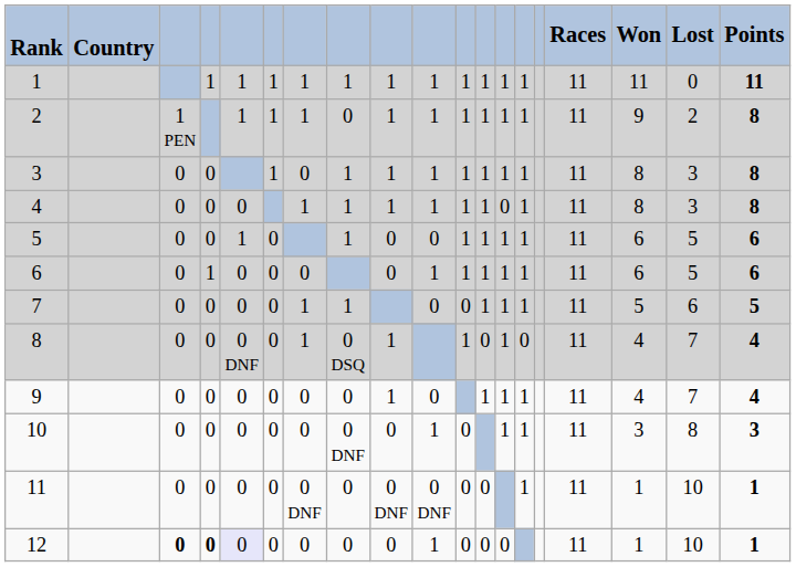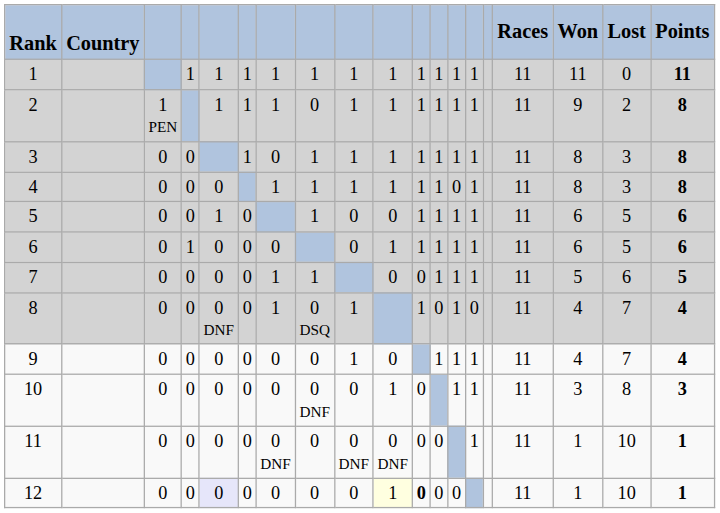 <table class="wikitable font-size:90%">
 <tr bgcolor="LightSteelBlue" align="center">
 <td> <br> <strong>Rank</strong></td>
 <td> <br><strong>Country</strong></td>
 <td></td>
 <td></td>
 <td></td>
 <td></td>
 <td></td>
 <td></td>
 <td></td>
 <td></td>
 <td></td>
 <td></td>
 <td></td>
 <td></td>
 <td></td>
 <td><strong>Races</strong></td>
 <td><strong>Won</strong></td>
 <td><strong>Lost</strong></td>
 <td><strong>Points</strong></td>
 </tr>
 <tr style="vertical-align:top; font-size:90%" bgcolor="LightGray" align="center">
 <td>1</td>
 <td></td>
 <td bgcolor=LightSteelBlue></td>
 <td>1</td>
 <td>1</td>
 <td>1</td>
 <td>1</td>
 <td>1</td>
 <td>1</td>
 <td>1</td>
 <td>1</td>
 <td>1</td>
 <td>1</td>
 <td>1</td>
 <td></td>
 <td>11</td>
 <td>11</td>
 <td>0</td>
 <td><strong>11</strong></td>
 </tr>
 <tr style="vertical-align:top; font-size:90%" bgcolor="LightGray" align="center">
 <td>2</td>
 <td align=center></td>
 <td>1<br><small>PEN</small></td>
 <td bgcolor=LightSteelBlue></td>
 <td>1</td>
 <td>1</td>
 <td>1</td>
 <td>0</td>
 <td>1</td>
 <td>1</td>
 <td>1</td>
 <td>1</td>
 <td>1</td>
 <td>1</td>
 <td></td>
 <td>11</td>
 <td>9</td>
 <td>2</td>
 <td><strong>8</strong></td>
 </tr>
 <tr style="vertical-align:top; font-size:90%" bgcolor="LightGray" align="center">
 <td>3</td>
 <td align=center></td>
 <td>0</td>
 <td>0</td>
 <td bgcolor=LightSteelBlue></td>
 <td>1</td>
 <td>0</td>
 <td>1</td>
 <td>1</td>
 <td>1</td>
 <td>1</td>
 <td>1</td>
 <td>1</td>
 <td>1</td>
 <td></td>
 <td>11</td>
 <td>8</td>
 <td>3</td>
 <td><strong>8</strong></td>
 </tr>
 <tr style="vertical-align:top; font-size:90%" bgcolor="LightGray" align="center">
 <td>4</td>
 <td align=center></td>
 <td>0</td>
 <td>0</td>
 <td>0</td>
 <td bgcolor=LightSteelBlue></td>
 <td>1</td>
 <td>1</td>
 <td>1</td>
 <td>1</td>
 <td>1</td>
 <td>1</td>
 <td>0</td>
 <td>1</td>
 <td></td>
 <td>11</td>
 <td>8</td>
 <td>3</td>
 <td><strong>8</strong></td>
 </tr>
 <tr style="vertical-align:top; font-size:90%" bgcolor="LightGray" align="center">
 <td>5</td>
 <td align=center></td>
 <td>0</td>
 <td>0</td>
 <td>1</td>
 <td>0</td>
 <td bgcolor=LightSteelBlue></td>
 <td>1</td>
 <td>0</td>
 <td>0</td>
 <td>1</td>
 <td>1</td>
 <td>1</td>
 <td>1</td>
 <td></td>
 <td>11</td>
 <td>6</td>
 <td>5</td>
 <td><strong>6</strong></td>
 </tr>
 <tr style="vertical-align:top; font-size:90%" bgcolor="LightGray" align="center">
 <td>6</td>
 <td align=center></td>
 <td>0</td>
 <td>1</td>
 <td>0</td>
 <td>0</td>
 <td>0</td>
 <td bgcolor=LightSteelBlue></td>
 <td>0</td>
 <td>1</td>
 <td>1</td>
 <td>1</td>
 <td>1</td>
 <td>1</td>
 <td></td>
 <td>11</td>
 <td>6</td>
 <td>5</td>
 <td><strong>6</strong></td>
 </tr>
 <tr style="vertical-align:top; font-size:90%" bgcolor="LightGray" align="center">
 <td>7</td>
 <td align=center></td>
 <td>0</td>
 <td>0</td>
 <td>0</td>
 <td>0</td>
 <td>1</td>
 <td>1</td>
 <td bgcolor=LightSteelBlue></td>
 <td>0</td>
 <td>0</td>
 <td>1</td>
 <td>1</td>
 <td>1</td>
 <td></td>
 <td>11</td>
 <td>5</td>
 <td>6</td>
 <td><strong>5</strong></td>
 </tr>
 <tr style="vertical-align:top; font-size:90%" bgcolor="LightGray" align="center">
 <td>8</td>
 <td align=center></td>
 <td>0</td>
 <td>0</td>
 <td>0<br><small>DNF</small></td>
 <td>0</td>
 <td>1</td>
 <td>0<br><small>DSQ</small></td>
 <td>1</td>
 <td bgcolor=LightSteelBlue></td>
 <td>1</td>
 <td>0</td>
 <td>1</td>
 <td>0</td>
 <td></td>
 <td>11</td>
 <td>4</td>
 <td>7</td>
 <td><strong>4</strong></td>
 </tr>
 <tr style="vertical-align:top; font-size:90%" align="center">
 <td>9</td>
 <td align=center></td>
 <td>0</td>
 <td>0</td>
 <td>0</td>
 <td>0</td>
 <td>0</td>
 <td>0</td>
 <td>1</td>
 <td>0</td>
 <td bgcolor=LightSteelBlue></td>
 <td>1</td>
 <td>1</td>
 <td>1</td>
 <td></td>
 <td>11</td>
 <td>4</td>
 <td>7</td>
 <td><strong>4</strong></td>
 </tr>
 <tr style="vertical-align:top; font-size:90%" align="center">
 <td>10</td>
 <td align=center></td>
 <td>0</td>
 <td>0</td>
 <td>0</td>
 <td>0</td>
 <td>0</td>
 <td>0<br><small>DNF</small></td>
 <td>0</td>
 <td>1</td>
 <td>0</td>
 <td bgcolor=LightSteelBlue></td>
 <td>1</td>
 <td>1</td>
 <td></td>
 <td>11</td>
 <td>3</td>
 <td>8</td>
 <td><strong>3</strong></td>
 </tr>
 <tr style="vertical-align:top; font-size:90%" align="center">
 <td>11</td>
 <td align=center></td>
 <td>0</td>
 <td>0</td>
 <td>0</td>
 <td>0</td>
 <td>0<br><small>DNF</small></td>
 <td>0</td>
 <td>0<br><small>DNF</small></td>
 <td>0<br><small>DNF</small></td>
 <td>0</td>
 <td>0</td>
 <td bgcolor=LightSteelBlue></td>
 <td>1</td>
 <td></td>
 <td>11</td>
 <td>1</td>
 <td>10</td>
 <td><strong>1</strong></td>
 </tr>
 <tr style="vertical-align:top; font-size:90%" align="center">
 <td>12</td>
 <td align=center></td>
-<td><strong>0</strong></td>
-<td><strong>0</strong></td>
+<td>0</td>
+<td>0</td>
 <td style="background: lavender;">0</td>
 <td>0</td>
 <td>0</td>
 <td>0</td>
 <td>0</td>
-<td>1</td>
-<td>0</td>
+<td style="background: lightyellow;">1</td>
+<td><strong>0</strong></td>
 <td>0</td>
 <td>0</td>
 <td bgcolor=LightSteelBlue></td>
 <td></td>
 <td>11</td>
 <td>1</td>
 <td>10</td>
 <td><strong>1</strong></td>
 </tr>
 </table>
